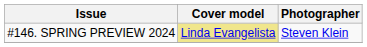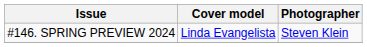 <table class="sortable wikitable">
 <tr>
 <th>Issue</th>
 <th>Cover model</th>
 <th>Photographer</th>
 </tr>
 <tr>
 <td>#146. SPRING PREVIEW 2024</td>
-<td style="background: khaki;"><a href='#'>Linda Evangelista</a></td>
+<td><a href='#'>Linda Evangelista</a></td>
 <td><a href='#'>Steven Klein</a></td>
 </tr>
 <tr>
 </tr>
 </table>
